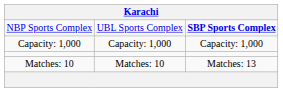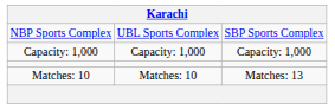 <table class="wikitable" style="text-align:center; margin:1em auto;">
 <tr>
 <th colspan=4><a href='#'>Karachi</a></th>
 </tr>
 <tr>
 <td><a href='#'>NBP Sports Complex</a></td>
 <td><a href='#'>UBL Sports Complex</a></td>
-<td><strong><a href='#'>SBP Sports Complex</a></strong></td>
+<td><a href='#'>SBP Sports Complex</a></td>
 </tr>
 <tr>
 <td>Capacity: 1,000</td>
 <td>Capacity: 1,000</td>
 <td>Capacity: 1,000</td>
 </tr>
 <tr>
 <td></td>
 <td></td>
 <td></td>
 </tr>
 <tr>
 <td>Matches: 10</td>
 <td>Matches: 10</td>
 <td>Matches: 13</td>
 </tr>
 <tr>
 <th colspan=4><br></th>
 </tr>
 </table>
